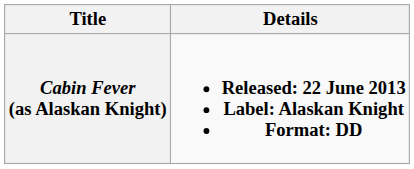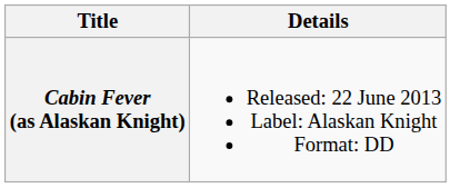 <table class="wikitable plainrowheaders" style="text-align:center;" border="1">
 <tr>
 <th>Title</th>
 <th>Details</th>
 </tr>
 <tr>
 <th scope="row"><em>Cabin Fever</em> <br> (as Alaskan Knight)</th>
-<td><strong><br><ul><li>Released: 22 June 2013</li><li>Label: Alaskan Knight</li><li>Format: DD</li></ul></strong></td>
+<td><br><ul><li>Released: 22 June 2013</li><li>Label: Alaskan Knight</li><li>Format: DD</li></ul></td>
 </tr>
 </table>
